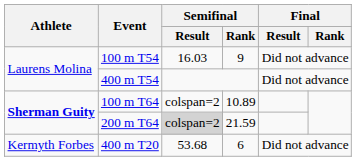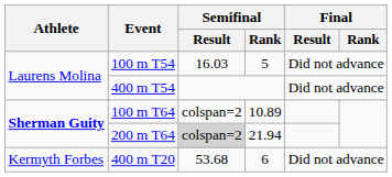 <table class="wikitable" style="font-size:90%">
 <tr>
 <th rowspan="2">Athlete</th>
 <th rowspan="2">Event</th>
 <th colspan="2">Semifinal</th>
 <th colspan="2">Final</th>
 </tr>
 <tr style="font-size:95%">
 <th>Result</th>
 <th>Rank</th>
 <th>Result</th>
 <th>Rank</th>
 </tr>
 <tr align=center>
 <td align=left rowspan=2><a href='#'>Laurens Molina</a></td>
 <td align=left><a href='#'>100 m T54</a></td>
 <td>16.03</td>
-<td>9</td>
+<td>5</td>
 <td colspan=2>Did not advance</td>
 </tr>
 <tr align=center>
 <td align=left><a href='#'>400 m T54</a></td>
 <td colspan=2></td>
 <td colspan=2>Did not advance</td>
 </tr>
 <tr align=center>
 <td align=left rowspan=2><strong><a href='#'>Sherman Guity</a></strong></td>
 <td align=left><a href='#'>100 m T64</a></td>
 <td>colspan=2 </td>
 <td>10.89</td>
 <td></td>
 </tr>
 <tr align=center>
 <td align=left><a href='#'>200 m T64</a></td>
 <td style="background: lightgrey;">colspan=2 </td>
-<td>21.59</td>
+<td>21.94</td>
 <td></td>
 </tr>
 <tr align=center>
 <td align=left><a href='#'>Kermyth Forbes</a></td>
 <td align=left><a href='#'>400 m T20</a></td>
 <td>53.68</td>
 <td>6</td>
 <td colspan=2>Did not advance</td>
 </tr>
 </table>
